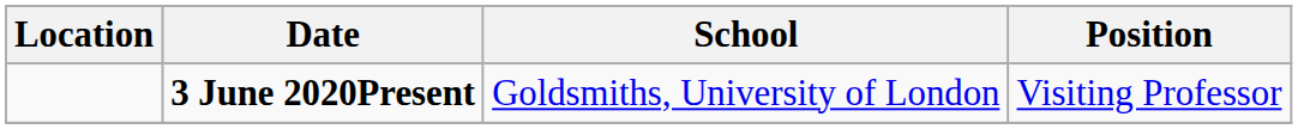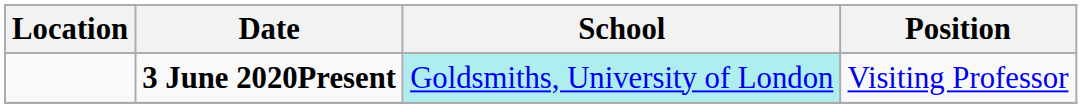 <table class="wikitable">
 <tr>
 <th>Location</th>
 <th>Date</th>
 <th>School</th>
 <th>Position</th>
 </tr>
 <tr>
 <td></td>
 <td><strong>3 June 2020Present</strong></td>
-<td><a href='#'>Goldsmiths, University of London</a></td>
+<td style="background: paleturquoise;"><a href='#'>Goldsmiths, University of London</a></td>
 <td><a href='#'>Visiting Professor</a></td>
 </tr>
 <tr>
 </tr>
 </table>
